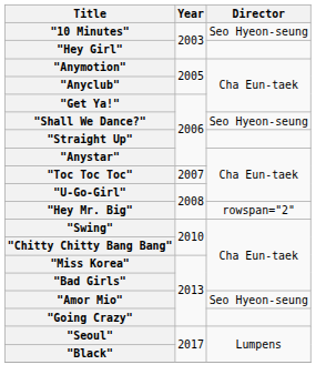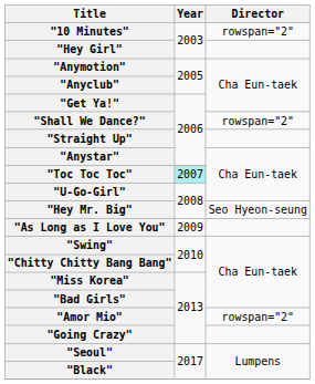 <table class="wikitable plainrowheaders" style="text-align:center">
 <tr>
 <th scope="col">Title</th>
 <th scope="col">Year</th>
 <th scope="col">Director</th>
 </tr>
 <tr>
 <th scope="row">"10 Minutes"</th>
 <td rowspan="2">2003</td>
-<td>Seo Hyeon-seung</td>
+<td>rowspan="2" </td>
 </tr>
 <tr>
 <th scope="row">"Hey Girl"</th>
 <td></td>
 </tr>
 <tr>
 <th scope="row">"Anymotion"</th>
 <td rowspan="2">2005</td>
 <td rowspan="3">Cha Eun-taek</td>
 </tr>
 <tr>
 <th scope="row">"Anyclub"</th>
 </tr>
 <tr>
 <th scope="row">"Get Ya!"</th>
 <td rowspan="4">2006</td>
 </tr>
 <tr>
 <th scope="row">"Shall We Dance?"</th>
-<td>Seo Hyeon-seung</td>
+<td>rowspan="2" </td>
 </tr>
 <tr>
 <th scope="row">"Straight Up"</th>
 <td></td>
 </tr>
 <tr>
 <th scope="row">"Anystar"</th>
 <td rowspan="3">Cha Eun-taek</td>
 </tr>
 <tr>
 <th scope="row">"Toc Toc Toc"</th>
-<td>2007</td>
+<td style="background: paleturquoise;">2007</td>
 </tr>
 <tr>
 <th scope="row">"U-Go-Girl"</th>
 <td rowspan="2">2008</td>
 </tr>
 <tr>
 <th scope="row">"Hey Mr. Big"</th>
-<td>rowspan="2" </td>
+<td>Seo Hyeon-seung</td>
+</tr>
+<tr>
+<th scope="row">"As Long as I Love You"</th>
+<td>2009</td>
+<td></td>
 </tr>
 <tr>
 <th scope="row">"Swing"</th>
 <td rowspan="2">2010</td>
 <td rowspan="4">Cha Eun-taek</td>
 </tr>
 <tr>
 <th scope="row">"Chitty Chitty Bang Bang"</th>
 </tr>
 <tr>
 <th scope="row">"Miss Korea"</th>
 <td rowspan="4">2013</td>
 </tr>
 <tr>
 <th scope="row">"Bad Girls"</th>
 </tr>
 <tr>
 <th scope="row">"Amor Mio"</th>
-<td>Seo Hyeon-seung</td>
+<td>rowspan="2" </td>
 </tr>
 <tr>
 <th scope="row">"Going Crazy"</th>
 </tr>
 <tr>
 <th scope="row">"Seoul"</th>
 <td rowspan="2">2017</td>
 <td rowspan="2">Lumpens</td>
 </tr>
 <tr>
 <th scope="row">"Black"</th>
 </tr>
 <tr>
 </tr>
 </table>
